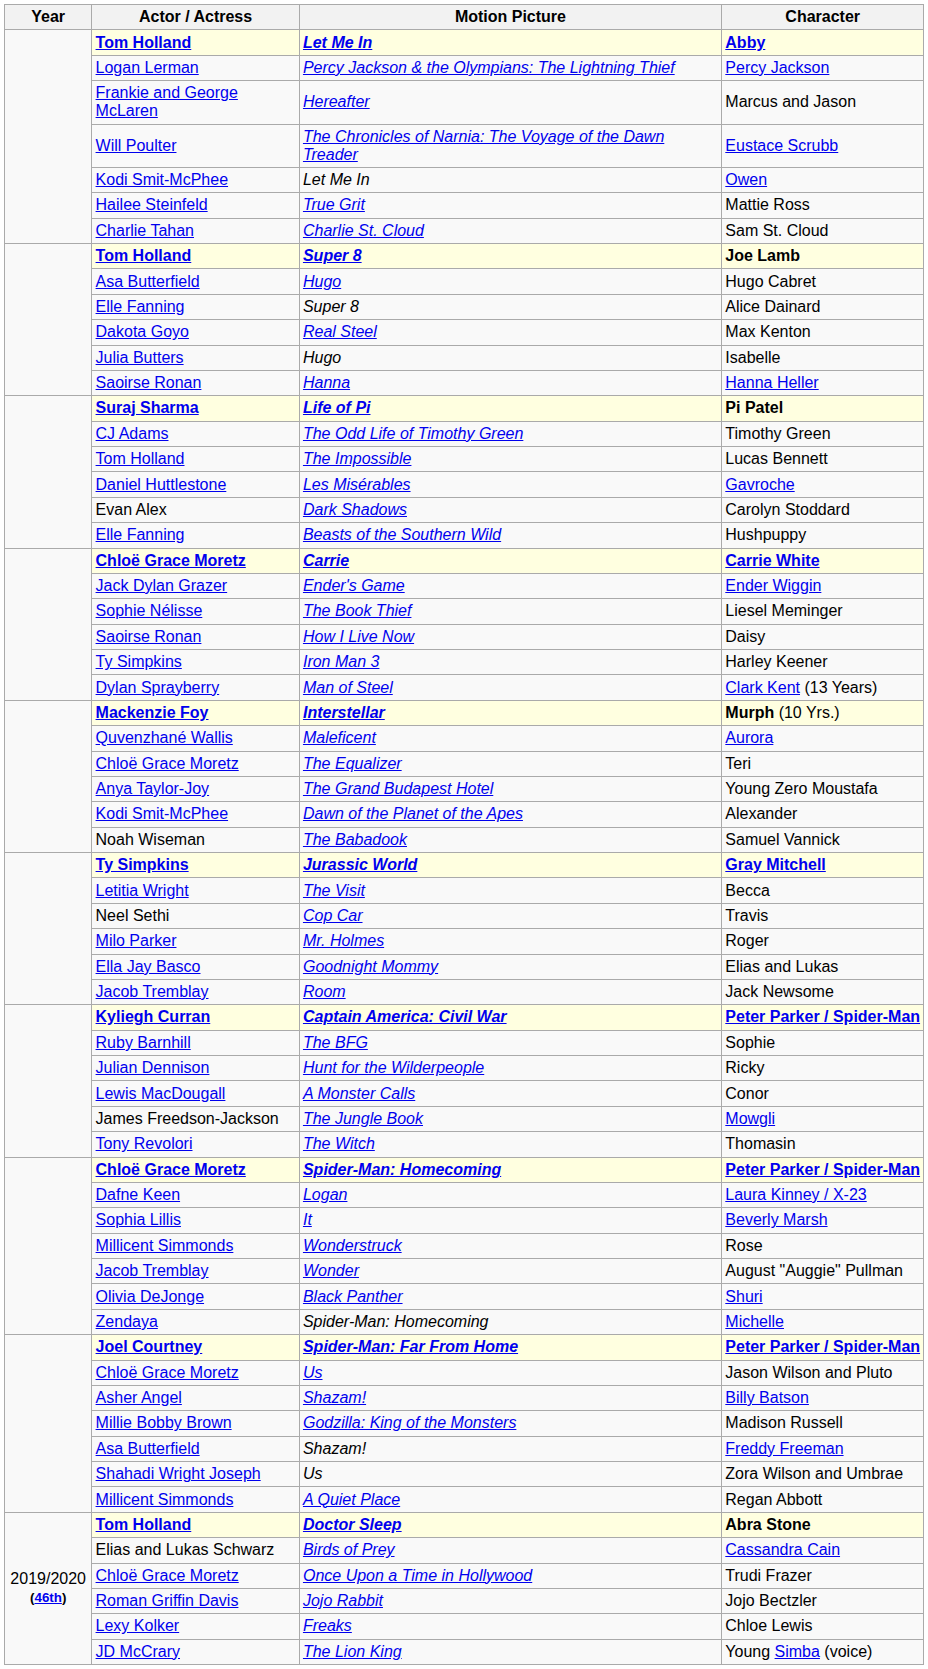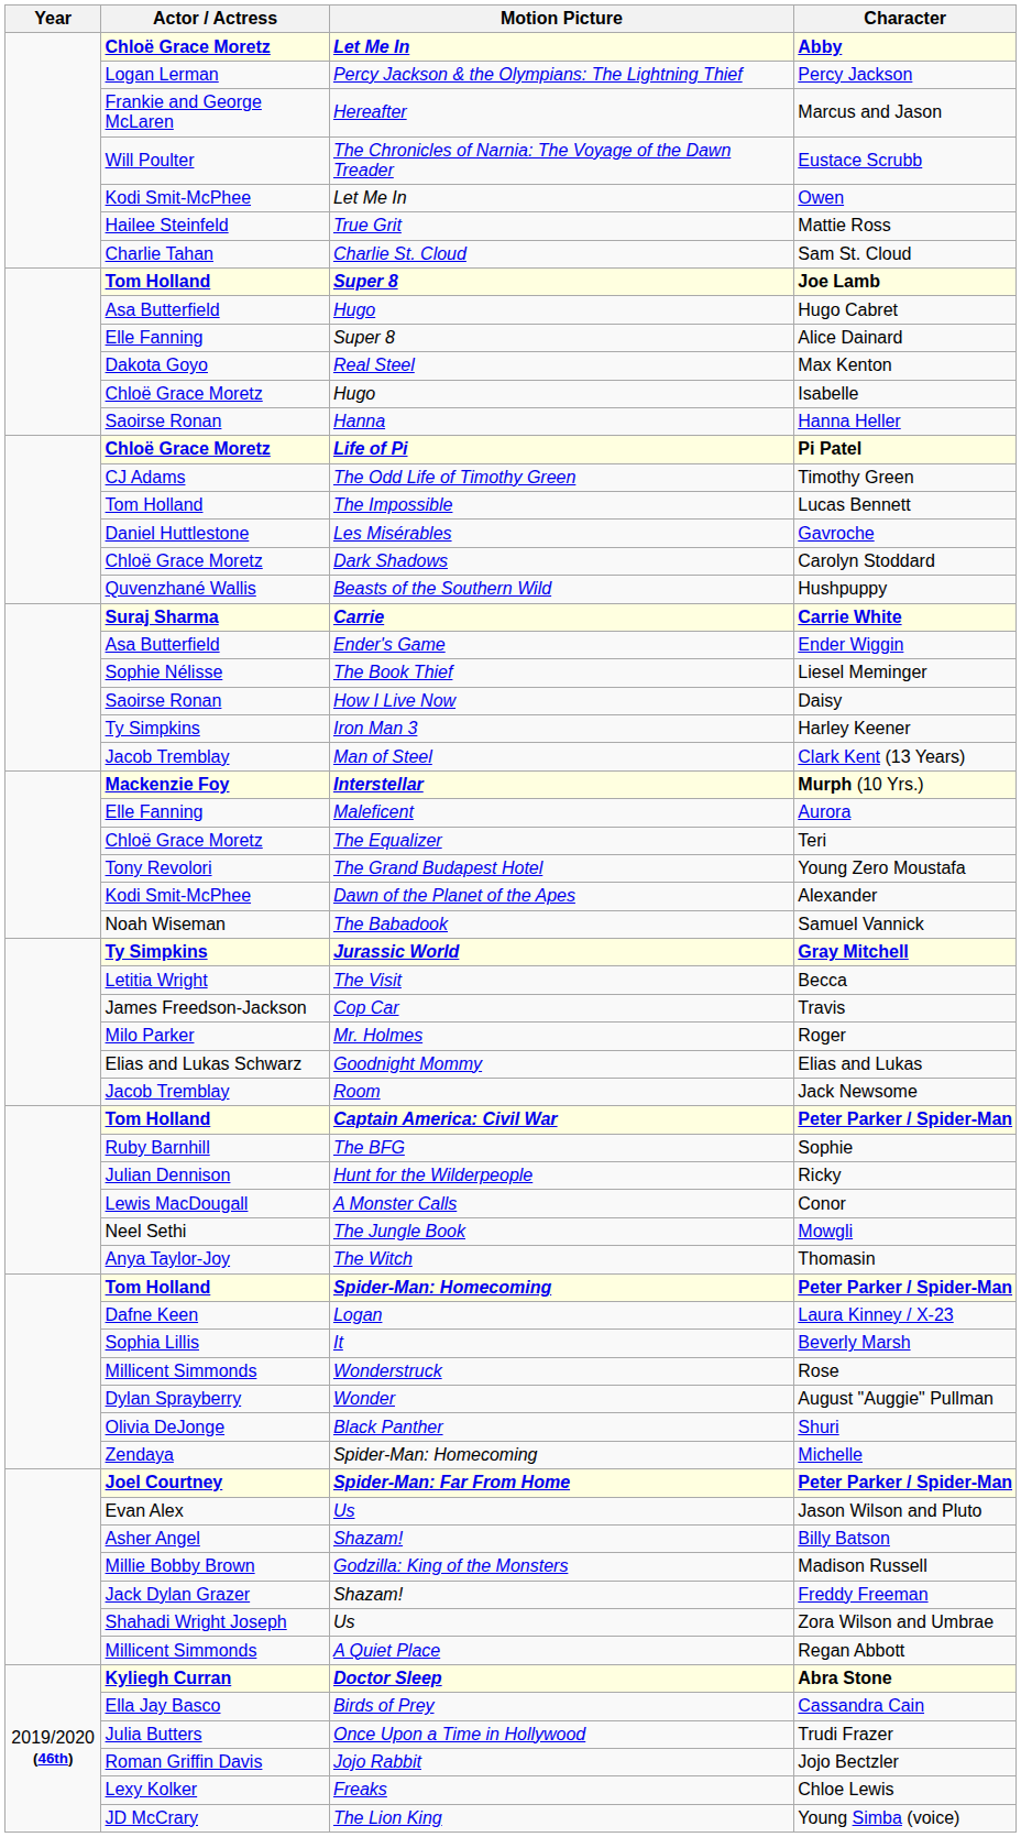 <table class="wikitable">
 <tr>
 <th width="80px">Year</th>
 <th width="200px">Actor / Actress</th>
 <th width="415px">Motion Picture</th>
 <th>Character</th>
 </tr>
 <tr>
 <td rowspan=7></td>
-<td style="background:lightyellow"><strong><a href='#'>Tom Holland</a></strong></td>
+<td style="background:lightyellow"><strong><a href='#'>Chloë Grace Moretz</a></strong></td>
 <td style="background:lightyellow"><strong><em><a href='#'>Let Me In</a></em></strong></td>
 <td style="background:lightyellow"><strong><a href='#'>Abby</a></strong></td>
 </tr>
 <tr>
 <td><a href='#'>Logan Lerman</a></td>
 <td><em><a href='#'>Percy Jackson & the Olympians: The Lightning Thief</a></em></td>
 <td><a href='#'>Percy Jackson</a></td>
 </tr>
 <tr>
 <td><a href='#'>Frankie and George McLaren</a></td>
 <td><em><a href='#'>Hereafter</a></em></td>
 <td>Marcus and Jason</td>
 </tr>
 <tr>
 <td><a href='#'>Will Poulter</a></td>
 <td><em><a href='#'>The Chronicles of Narnia: The Voyage of the Dawn Treader</a></em></td>
 <td><a href='#'>Eustace Scrubb</a></td>
 </tr>
 <tr>
 <td><a href='#'>Kodi Smit-McPhee</a></td>
 <td><em>Let Me In</em></td>
 <td><a href='#'>Owen</a></td>
 </tr>
 <tr>
 <td><a href='#'>Hailee Steinfeld</a></td>
 <td><em><a href='#'>True Grit</a></em></td>
 <td>Mattie Ross</td>
 </tr>
 <tr>
 <td><a href='#'>Charlie Tahan</a></td>
 <td><em><a href='#'>Charlie St. Cloud</a></em></td>
 <td>Sam St. Cloud</td>
 </tr>
 <tr>
 <td rowspan=6></td>
 <td style="background:lightyellow"><strong><a href='#'>Tom Holland</a></strong></td>
 <td style="background:lightyellow"><strong><em><a href='#'>Super 8</a></em></strong></td>
 <td style="background:lightyellow"><strong>Joe Lamb</strong></td>
 </tr>
 <tr>
 <td><a href='#'>Asa Butterfield</a></td>
 <td><em><a href='#'>Hugo</a></em></td>
 <td>Hugo Cabret</td>
 </tr>
 <tr>
 <td><a href='#'>Elle Fanning</a></td>
 <td><em>Super 8</em></td>
 <td>Alice Dainard</td>
 </tr>
 <tr>
 <td><a href='#'>Dakota Goyo</a></td>
 <td><em><a href='#'>Real Steel</a></em></td>
 <td>Max Kenton</td>
 </tr>
 <tr>
-<td><a href='#'>Julia Butters</a></td>
+<td><a href='#'>Chloë Grace Moretz</a></td>
 <td><em>Hugo</em></td>
 <td>Isabelle</td>
 </tr>
 <tr>
 <td><a href='#'>Saoirse Ronan</a></td>
 <td><em><a href='#'>Hanna</a></em></td>
 <td><a href='#'>Hanna Heller</a></td>
 </tr>
 <tr>
 <td rowspan=6></td>
-<td style="background:lightyellow"><strong><a href='#'>Suraj Sharma</a></strong></td>
+<td style="background:lightyellow"><strong><a href='#'>Chloë Grace Moretz</a></strong></td>
 <td style="background:lightyellow"><strong><em><a href='#'>Life of Pi</a></em></strong></td>
 <td style="background:lightyellow"><strong>Pi Patel</strong></td>
 </tr>
 <tr>
 <td><a href='#'>CJ Adams</a></td>
 <td><em><a href='#'>The Odd Life of Timothy Green</a></em></td>
 <td>Timothy Green</td>
 </tr>
 <tr>
 <td><a href='#'>Tom Holland</a></td>
 <td><em><a href='#'>The Impossible</a></em></td>
 <td>Lucas Bennett</td>
 </tr>
 <tr>
 <td><a href='#'>Daniel Huttlestone</a></td>
 <td><em><a href='#'>Les Misérables</a></em></td>
 <td><a href='#'>Gavroche</a></td>
 </tr>
 <tr>
-<td>Evan Alex</td>
+<td><a href='#'>Chloë Grace Moretz</a></td>
 <td><em><a href='#'>Dark Shadows</a></em></td>
 <td>Carolyn Stoddard</td>
 </tr>
 <tr>
-<td><a href='#'>Elle Fanning</a></td>
+<td><a href='#'>Quvenzhané Wallis</a></td>
 <td><em><a href='#'>Beasts of the Southern Wild</a></em></td>
 <td>Hushpuppy</td>
 </tr>
 <tr>
 <td rowspan=6></td>
-<td style="background:lightyellow"><strong><a href='#'>Chloë Grace Moretz</a></strong></td>
+<td style="background:lightyellow"><strong><a href='#'>Suraj Sharma</a></strong></td>
 <td style="background:lightyellow"><strong><em><a href='#'>Carrie</a></em></strong></td>
 <td style="background:lightyellow"><strong><a href='#'>Carrie White</a></strong></td>
 </tr>
 <tr>
-<td><a href='#'>Jack Dylan Grazer</a></td>
+<td><a href='#'>Asa Butterfield</a></td>
 <td><em><a href='#'>Ender's Game</a></em></td>
 <td><a href='#'>Ender Wiggin</a></td>
 </tr>
 <tr>
 <td><a href='#'>Sophie Nélisse</a></td>
 <td><em><a href='#'>The Book Thief</a></em></td>
 <td>Liesel Meminger</td>
 </tr>
 <tr>
 <td><a href='#'>Saoirse Ronan</a></td>
 <td><em><a href='#'>How I Live Now</a></em></td>
 <td>Daisy</td>
 </tr>
 <tr>
 <td><a href='#'>Ty Simpkins</a></td>
 <td><em><a href='#'>Iron Man 3</a></em></td>
 <td>Harley Keener</td>
 </tr>
 <tr>
-<td><a href='#'>Dylan Sprayberry</a></td>
+<td><a href='#'>Jacob Tremblay</a></td>
 <td><em><a href='#'>Man of Steel</a></em></td>
 <td><a href='#'>Clark Kent</a> (13 Years)</td>
 </tr>
 <tr>
 <td rowspan=6></td>
 <td style="background:lightyellow"><strong><a href='#'>Mackenzie Foy</a></strong></td>
 <td style="background:lightyellow"><strong><em><a href='#'>Interstellar</a></em></strong></td>
 <td style="background:lightyellow"><strong>Murph</strong> (10 Yrs.)</td>
 </tr>
 <tr>
-<td><a href='#'>Quvenzhané Wallis</a></td>
+<td><a href='#'>Elle Fanning</a></td>
 <td><em><a href='#'>Maleficent</a></em></td>
 <td><a href='#'>Aurora</a></td>
 </tr>
 <tr>
 <td><a href='#'>Chloë Grace Moretz</a></td>
 <td><em><a href='#'>The Equalizer</a></em></td>
 <td>Teri</td>
 </tr>
 <tr>
-<td><a href='#'>Anya Taylor-Joy</a></td>
+<td><a href='#'>Tony Revolori</a></td>
 <td><em><a href='#'>The Grand Budapest Hotel</a></em></td>
 <td>Young Zero Moustafa</td>
 </tr>
 <tr>
 <td><a href='#'>Kodi Smit-McPhee</a></td>
 <td><em><a href='#'>Dawn of the Planet of the Apes</a></em></td>
 <td>Alexander</td>
 </tr>
 <tr>
 <td>Noah Wiseman</td>
 <td><em><a href='#'>The Babadook</a></em></td>
 <td>Samuel Vannick</td>
 </tr>
 <tr>
 <td rowspan=6></td>
 <td style="background:lightyellow"><strong><a href='#'>Ty Simpkins</a></strong></td>
 <td style="background:lightyellow"><strong><em><a href='#'>Jurassic World</a></em></strong></td>
 <td style="background:lightyellow"><strong><a href='#'>Gray Mitchell</a></strong></td>
 </tr>
 <tr>
 <td><a href='#'>Letitia Wright</a></td>
 <td><em><a href='#'>The Visit</a></em></td>
 <td>Becca</td>
 </tr>
 <tr>
-<td>Neel Sethi</td>
+<td>James Freedson-Jackson</td>
 <td><em><a href='#'>Cop Car</a></em></td>
 <td>Travis</td>
 </tr>
 <tr>
 <td><a href='#'>Milo Parker</a></td>
 <td><em><a href='#'>Mr. Holmes</a></em></td>
 <td>Roger</td>
 </tr>
 <tr>
-<td><a href='#'>Ella Jay Basco</a></td>
+<td>Elias and Lukas Schwarz</td>
 <td><em><a href='#'>Goodnight Mommy</a></em></td>
 <td>Elias and Lukas</td>
 </tr>
 <tr>
 <td><a href='#'>Jacob Tremblay</a></td>
 <td><em><a href='#'>Room</a></em></td>
 <td>Jack Newsome</td>
 </tr>
 <tr>
 <td rowspan=6></td>
-<td style="background:lightyellow"><strong><a href='#'>Kyliegh Curran</a></strong></td>
+<td style="background:lightyellow"><strong><a href='#'>Tom Holland</a></strong></td>
 <td style="background:lightyellow"><strong><em><a href='#'>Captain America: Civil War</a></em></strong></td>
 <td style="background:lightyellow"><strong><a href='#'>Peter Parker / Spider-Man</a></strong></td>
 </tr>
 <tr>
 <td><a href='#'>Ruby Barnhill</a></td>
 <td><em><a href='#'>The BFG</a></em></td>
 <td>Sophie</td>
 </tr>
 <tr>
 <td><a href='#'>Julian Dennison</a></td>
 <td><em><a href='#'>Hunt for the Wilderpeople</a></em></td>
 <td>Ricky</td>
 </tr>
 <tr>
 <td><a href='#'>Lewis MacDougall</a></td>
 <td><em><a href='#'>A Monster Calls</a></em></td>
 <td>Conor</td>
 </tr>
 <tr>
-<td>James Freedson-Jackson</td>
+<td>Neel Sethi</td>
 <td><em><a href='#'>The Jungle Book</a></em></td>
 <td><a href='#'>Mowgli</a></td>
 </tr>
 <tr>
-<td><a href='#'>Tony Revolori</a></td>
+<td><a href='#'>Anya Taylor-Joy</a></td>
 <td><em><a href='#'>The Witch</a></em></td>
 <td>Thomasin</td>
 </tr>
 <tr>
 <td rowspan=7></td>
-<td style="background:lightyellow"><strong><a href='#'>Chloë Grace Moretz</a></strong></td>
+<td style="background:lightyellow"><strong><a href='#'>Tom Holland</a></strong></td>
 <td style="background:lightyellow"><strong><em><a href='#'>Spider-Man: Homecoming</a></em></strong></td>
 <td style="background:lightyellow"><strong><a href='#'>Peter Parker / Spider-Man</a></strong></td>
 </tr>
 <tr>
 <td><a href='#'>Dafne Keen</a></td>
 <td><em><a href='#'>Logan</a></em></td>
 <td><a href='#'>Laura Kinney / X-23</a></td>
 </tr>
 <tr>
 <td><a href='#'>Sophia Lillis</a></td>
 <td><em><a href='#'>It</a></em></td>
 <td><a href='#'>Beverly Marsh</a></td>
 </tr>
 <tr>
 <td><a href='#'>Millicent Simmonds</a></td>
 <td><em><a href='#'>Wonderstruck</a></em></td>
 <td>Rose</td>
 </tr>
 <tr>
-<td><a href='#'>Jacob Tremblay</a></td>
+<td><a href='#'>Dylan Sprayberry</a></td>
 <td><em><a href='#'>Wonder</a></em></td>
 <td>August "Auggie" Pullman</td>
 </tr>
 <tr>
 <td><a href='#'>Olivia DeJonge</a></td>
 <td><em><a href='#'>Black Panther</a></em></td>
 <td><a href='#'>Shuri</a></td>
 </tr>
 <tr>
 <td><a href='#'>Zendaya</a></td>
 <td><em>Spider-Man: Homecoming</em></td>
 <td><a href='#'>Michelle</a></td>
 </tr>
 <tr>
 <td rowspan=7></td>
 <td style="background:lightyellow"><strong><a href='#'>Joel Courtney</a></strong></td>
 <td style="background:lightyellow"><strong><em><a href='#'>Spider-Man: Far From Home</a></em></strong></td>
 <td style="background:lightyellow"><strong><a href='#'>Peter Parker / Spider-Man</a></strong></td>
 </tr>
 <tr>
-<td><a href='#'>Chloë Grace Moretz</a></td>
+<td>Evan Alex</td>
 <td><em><a href='#'>Us</a></em></td>
 <td>Jason Wilson and Pluto</td>
 </tr>
 <tr>
 <td><a href='#'>Asher Angel</a></td>
 <td><em><a href='#'>Shazam!</a></em></td>
 <td><a href='#'>Billy Batson</a></td>
 </tr>
 <tr>
 <td><a href='#'>Millie Bobby Brown</a></td>
 <td><em><a href='#'>Godzilla: King of the Monsters</a></em></td>
 <td>Madison Russell</td>
 </tr>
 <tr>
-<td><a href='#'>Asa Butterfield</a></td>
+<td><a href='#'>Jack Dylan Grazer</a></td>
 <td><em>Shazam!</em></td>
 <td><a href='#'>Freddy Freeman</a></td>
 </tr>
 <tr>
 <td><a href='#'>Shahadi Wright Joseph</a></td>
 <td><em>Us</em></td>
 <td>Zora Wilson and Umbrae</td>
 </tr>
 <tr>
 <td><a href='#'>Millicent Simmonds</a></td>
 <td><em><a href='#'>A Quiet Place</a></em></td>
 <td>Regan Abbott</td>
 </tr>
 <tr>
 <td rowspan=7 style="text-align:center;">2019/2020<br><small><strong>(<a href='#'>46th</a>)</strong></small></td>
 </tr>
 <tr>
-<td style="background:lightyellow"><strong><a href='#'>Tom Holland</a></strong></td>
+<td style="background:lightyellow"><strong><a href='#'>Kyliegh Curran</a></strong></td>
 <td style="background:lightyellow"><strong><em><a href='#'>Doctor Sleep</a></em></strong></td>
 <td style="background:lightyellow"><strong>Abra Stone</strong></td>
 </tr>
 <tr>
-<td>Elias and Lukas Schwarz</td>
+<td><a href='#'>Ella Jay Basco</a></td>
 <td><em><a href='#'>Birds of Prey</a></em></td>
 <td><a href='#'>Cassandra Cain</a></td>
 </tr>
 <tr>
-<td><a href='#'>Chloë Grace Moretz</a></td>
+<td><a href='#'>Julia Butters</a></td>
 <td><em><a href='#'>Once Upon a Time in Hollywood</a></em></td>
 <td>Trudi Frazer</td>
 </tr>
 <tr>
 <td><a href='#'>Roman Griffin Davis</a></td>
 <td><em><a href='#'>Jojo Rabbit</a></em></td>
 <td>Jojo Bectzler</td>
 </tr>
 <tr>
 <td><a href='#'>Lexy Kolker</a></td>
 <td><em><a href='#'>Freaks</a></em></td>
 <td>Chloe Lewis</td>
 </tr>
 <tr>
 <td><a href='#'>JD McCrary</a></td>
 <td><em><a href='#'>The Lion King</a></em></td>
 <td>Young <a href='#'>Simba</a> (voice)</td>
 </tr>
 </table>
